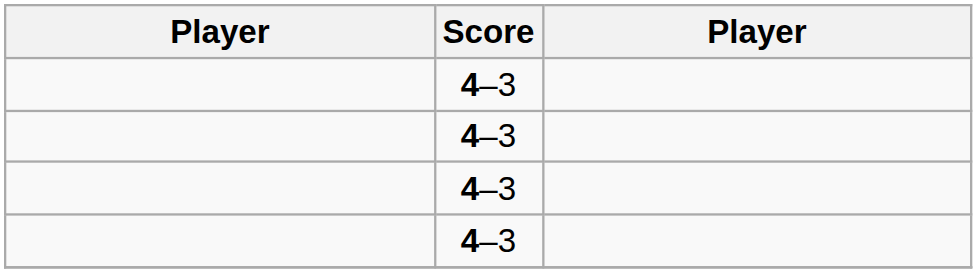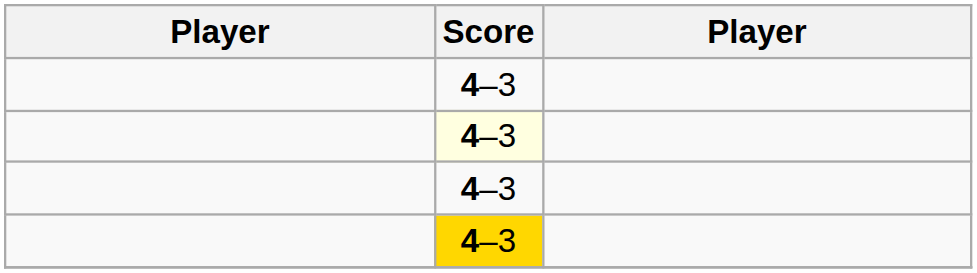 <table class="wikitable " style="font-size:90%">
 <tr>
 <th width=180>Player</th>
 <th width=40>Score</th>
 <th width=180>Player</th>
 </tr>
 <tr>
 <td><strong></strong></td>
 <td style="text-align:center;"><strong>4</strong>–3</td>
 <td></td>
 </tr>
 <tr>
 <td><strong></strong></td>
-<td style="text-align:center;"><strong>4</strong>–3</td>
+<td style="background: lightyellow; text-align:center;"><strong>4</strong>–3</td>
 <td></td>
 </tr>
 <tr>
 <td><strong></strong></td>
 <td style="text-align:center;"><strong>4</strong>–3</td>
 <td></td>
 </tr>
 <tr>
 <td><strong></strong></td>
-<td style="text-align:center;"><strong>4</strong>–3</td>
+<td style="background: gold; text-align:center;"><strong>4</strong>–3</td>
 <td></td>
 </tr>
 <tr>
 </tr>
 </table>
